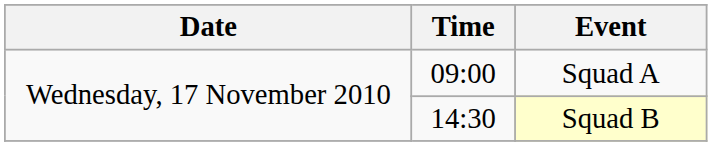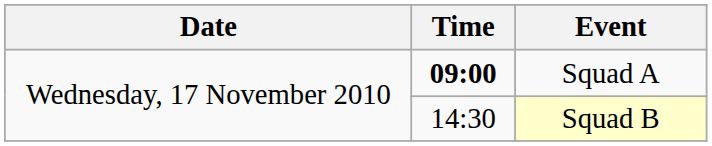 <table class = "wikitable" style="text-align:center;">
 <tr>
 <th width=220>Date</th>
 <th width=50>Time</th>
 <th width=100>Event</th>
 </tr>
 <tr>
 <td rowspan=2>Wednesday, 17 November 2010</td>
-<td>09:00</td>
+<td><strong>09:00</strong></td>
 <td>Squad A</td>
 </tr>
 <tr>
 <td>14:30</td>
 <td bgcolor=ffffcc>Squad B</td>
 </tr>
 </table>
